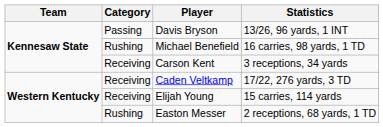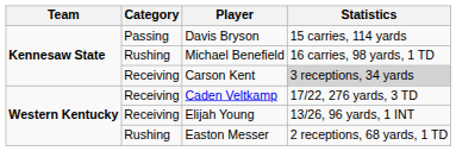 <table class="wikitable" style="float: right;">
 <tr>
 <th>Team</th>
 <th>Category</th>
 <th>Player</th>
 <th>Statistics</th>
 </tr>
 <tr>
 <td rowspan=3><strong>Kennesaw State</strong></td>
 <td>Passing</td>
 <td>Davis Bryson</td>
-<td>13/26, 96 yards, 1 INT</td>
+<td>15 carries, 114 yards</td>
 </tr>
 <tr>
 <td>Rushing</td>
 <td>Michael Benefield</td>
 <td>16 carries, 98 yards, 1 TD</td>
 </tr>
 <tr>
 <td>Receiving</td>
 <td>Carson Kent</td>
-<td>3 receptions, 34 yards</td>
+<td style="background: lightgrey;">3 receptions, 34 yards</td>
 </tr>
 <tr>
 <td rowspan=3><strong>Western Kentucky</strong></td>
 <td>Receiving</td>
 <td><a href='#'>Caden Veltkamp</a></td>
 <td>17/22, 276 yards, 3 TD</td>
 </tr>
 <tr>
 <td>Receiving</td>
 <td>Elijah Young</td>
-<td>15 carries, 114 yards</td>
+<td>13/26, 96 yards, 1 INT</td>
 </tr>
 <tr>
 <td>Rushing</td>
 <td>Easton Messer</td>
 <td>2 receptions, 68 yards, 1 TD</td>
 </tr>
 </table>
